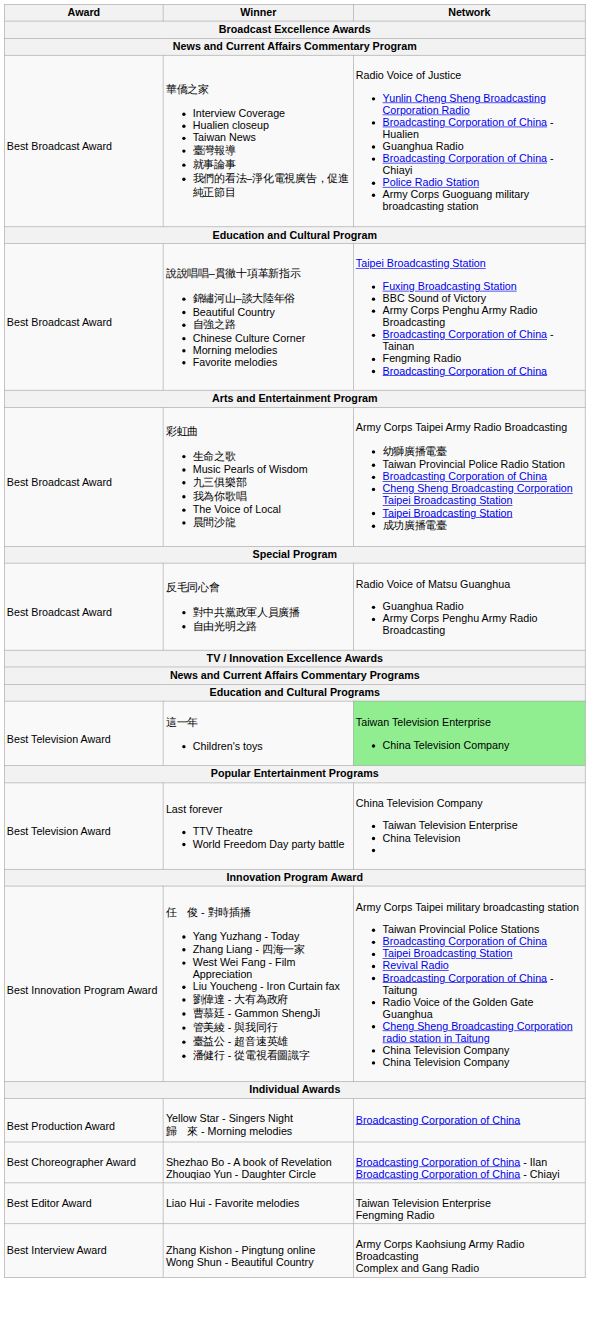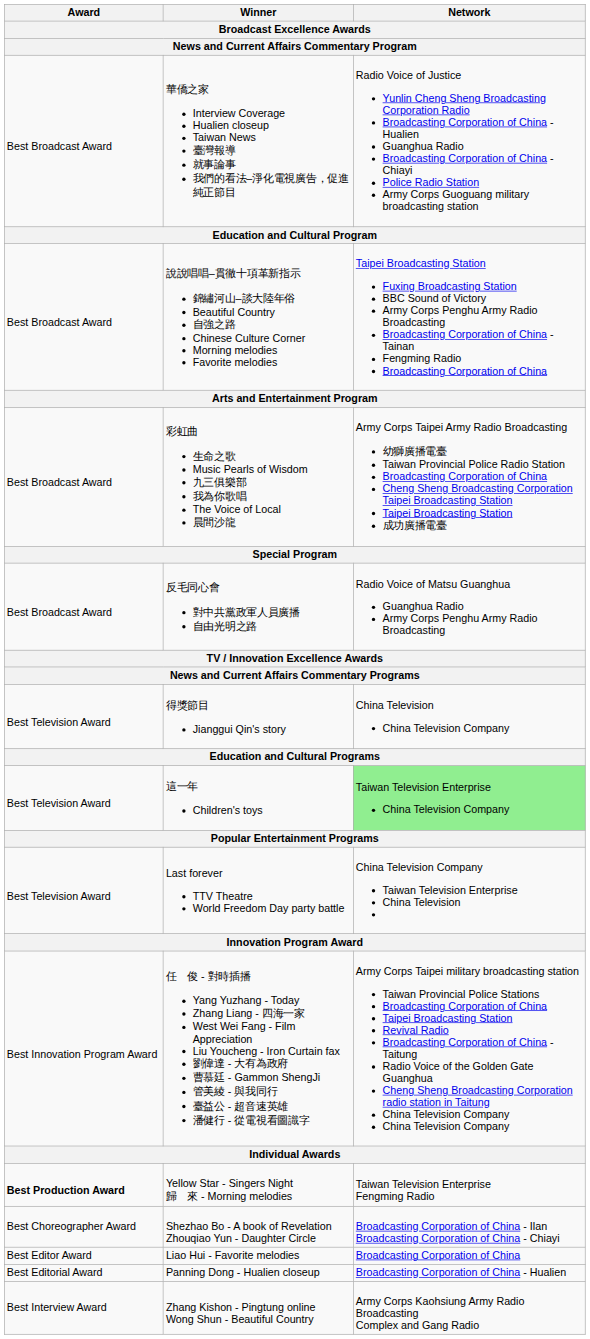 <table class="wikitable">
 <tr>
 <th style="width:200pt;">Award</th>
 <th style="width:240pt;">Winner</th>
 <th style="width:300pt;">Network</th>
 </tr>
 <tr>
 <th colspan=3 style="text-align:center" style="background:#99CCFF;">Broadcast Excellence Awards</th>
 </tr>
 <tr>
 <th colspan=3 style="text-align:center" style="background: LightSteelBlue;">News and Current Affairs Commentary Program</th>
 </tr>
 <tr>
 <td><br>Best Broadcast Award</td>
 <td><br>華僑之家<ul><li>Interview Coverage</li><li>Hualien closeup</li><li>Taiwan News</li><li>臺灣報導</li><li>就事論事</li><li>我們的看法–淨化電視廣告，促進純正節目</li></ul></td>
 <td><br>Radio Voice of Justice<ul><li><a href='#'>Yunlin Cheng Sheng Broadcasting Corporation Radio</a></li><li><a href='#'>Broadcasting Corporation of China</a> - Hualien</li><li>Guanghua Radio</li><li><a href='#'>Broadcasting Corporation of China</a> - Chiayi</li><li><a href='#'>Police Radio Station</a></li><li>Army Corps Guoguang military broadcasting station</li></ul></td>
 </tr>
 <tr>
 <th colspan=3 style="text-align:center" style="background: LightSteelBlue;">Education and Cultural Program</th>
 </tr>
 <tr>
 <td><br>Best Broadcast Award</td>
 <td><br>說說唱唱–貫徹十項革新指示<ul><li>錦繡河山–談大陸年俗</li><li>Beautiful Country</li><li>自強之路</li><li>Chinese Culture Corner</li><li>Morning melodies</li><li>Favorite melodies</li></ul></td>
 <td><br><a href='#'>Taipei Broadcasting Station</a><ul><li><a href='#'>Fuxing Broadcasting Station</a></li><li>BBC Sound of Victory</li><li>Army Corps Penghu Army Radio Broadcasting</li><li><a href='#'>Broadcasting Corporation of China</a> - Tainan</li><li>Fengming Radio</li><li><a href='#'>Broadcasting Corporation of China</a></li></ul></td>
 </tr>
 <tr>
 <th colspan=3 style="text-align:center" style="background: LightSteelBlue;">Arts and Entertainment Program</th>
 </tr>
 <tr>
 <td><br>Best Broadcast Award</td>
 <td><br>彩虹曲<ul><li>生命之歌</li><li>Music Pearls of Wisdom</li><li>九三俱樂部</li><li>我為你歌唱</li><li>The Voice of Local</li><li>晨間沙龍</li></ul></td>
 <td><br>Army Corps Taipei Army Radio Broadcasting<ul><li>幼獅廣播電臺</li><li>Taiwan Provincial Police Radio Station</li><li><a href='#'>Broadcasting Corporation of China</a></li><li><a href='#'>Cheng Sheng Broadcasting Corporation Taipei Broadcasting Station</a></li><li><a href='#'>Taipei Broadcasting Station</a></li><li>成功廣播電臺</li></ul></td>
 </tr>
 <tr>
 <th colspan=3 style="text-align:center" style="background: LightSteelBlue;">Special Program</th>
 </tr>
 <tr>
 <td><br>Best Broadcast Award</td>
 <td><br>反毛同心會<ul><li>對中共黨政軍人員廣播</li><li>自由光明之路</li></ul></td>
 <td><br>Radio Voice of Matsu Guanghua<ul><li>Guanghua Radio</li><li>Army Corps Penghu Army Radio Broadcasting</li></ul></td>
 </tr>
 <tr>
 <th colspan=3 style="text-align:center" style="background:#99CCFF;">TV / Innovation Excellence Awards</th>
 </tr>
 <tr>
 <th colspan=3 style="text-align:center" style="background: LightSteelBlue;">News and Current Affairs Commentary Programs</th>
 </tr>
 <tr>
+<td><br>Best Television Award</td>
+<td><br>得獎節目<ul><li>Jianggui Qin's story</li></ul></td>
+<td><br>China Television<ul><li>China Television Company</li></ul></td>
+</tr>
+<tr>
 <th colspan=3 style="text-align:center" style="background: LightSteelBlue;">Education and Cultural Programs</th>
 </tr>
 <tr>
 <td><br>Best Television Award</td>
 <td><br>這一年<ul><li>Children's toys</li></ul></td>
 <td style="background: lightgreen;"><br>Taiwan Television Enterprise<ul><li>China Television Company</li></ul></td>
 </tr>
 <tr>
 <th colspan=3 style="text-align:center" style="background: LightSteelBlue;">Popular Entertainment Programs</th>
 </tr>
 <tr>
 <td><br>Best Television Award</td>
 <td><br>Last forever<ul><li>TTV Theatre</li><li>World Freedom Day party battle</li></ul></td>
 <td><br>China Television Company<ul><li>Taiwan Television Enterprise</li><li>China Television</li><li></li></ul></td>
 </tr>
 <tr>
 <th colspan=3 style="text-align:center" style="background: LightSteelBlue;">Innovation Program Award</th>
 </tr>
 <tr>
 <td><br>Best Innovation Program Award</td>
 <td><br>任　俊 - 對時插播<ul><li>Yang Yuzhang - Today</li><li>Zhang Liang - 四海一家</li><li>West Wei Fang - Film Appreciation</li><li>Liu Youcheng - Iron Curtain fax</li><li>劉偉達 - 大有為政府</li><li>曹慕廷 - Gammon ShengJi</li><li>管美綾 - 與我同行</li><li>臺益公 - 超音速英雄</li><li>潘健行 - 從電視看圖識字</li></ul></td>
 <td><br>Army Corps Taipei military broadcasting station<ul><li>Taiwan Provincial Police Stations</li><li><a href='#'>Broadcasting Corporation of China</a></li><li><a href='#'>Taipei Broadcasting Station</a></li><li><a href='#'>Revival Radio</a></li><li><a href='#'>Broadcasting Corporation of China</a> - Taitung</li><li>Radio Voice of the Golden Gate Guanghua</li><li><a href='#'>Cheng Sheng Broadcasting Corporation radio station in Taitung</a></li><li>China Television Company</li><li>China Television Company</li></ul></td>
 </tr>
 <tr>
 <th colspan=3 style="text-align:center" style="background:#99CCFF;">Individual Awards</th>
 </tr>
 <tr>
-<td><br>Best Production Award</td>
+<td><strong><br>Best Production Award</strong></td>
 <td><br>Yellow Star - Singers Night <br>歸　來 - Morning melodies</td>
-<td><a href='#'>Broadcasting Corporation of China</a></td>
+<td><br>Taiwan Television Enterprise <br>Fengming Radio</td>
 </tr>
 <tr>
 <td>Best Choreographer Award</td>
 <td><br>Shezhao Bo - A book of Revelation <br>Zhouqiao Yun - Daughter Circle</td>
 <td><br><a href='#'>Broadcasting Corporation of China</a> - Ilan <br><a href='#'>Broadcasting Corporation of China</a> - Chiayi</td>
 </tr>
 <tr>
 <td>Best Editor Award</td>
 <td>Liao Hui - Favorite melodies</td>
-<td><br>Taiwan Television Enterprise <br>Fengming Radio</td>
+<td><a href='#'>Broadcasting Corporation of China</a></td>
+</tr>
+<tr>
+<td>Best Editorial Award</td>
+<td>Panning Dong - Hualien closeup</td>
+<td><a href='#'>Broadcasting Corporation of China</a> - Hualien</td>
 </tr>
 <tr>
 <td>Best Interview Award</td>
 <td><br>Zhang Kishon - Pingtung online <br>Wong Shun - Beautiful Country</td>
 <td><br>Army Corps Kaohsiung Army Radio Broadcasting <br>Complex and Gang Radio</td>
 </tr>
 </table>
